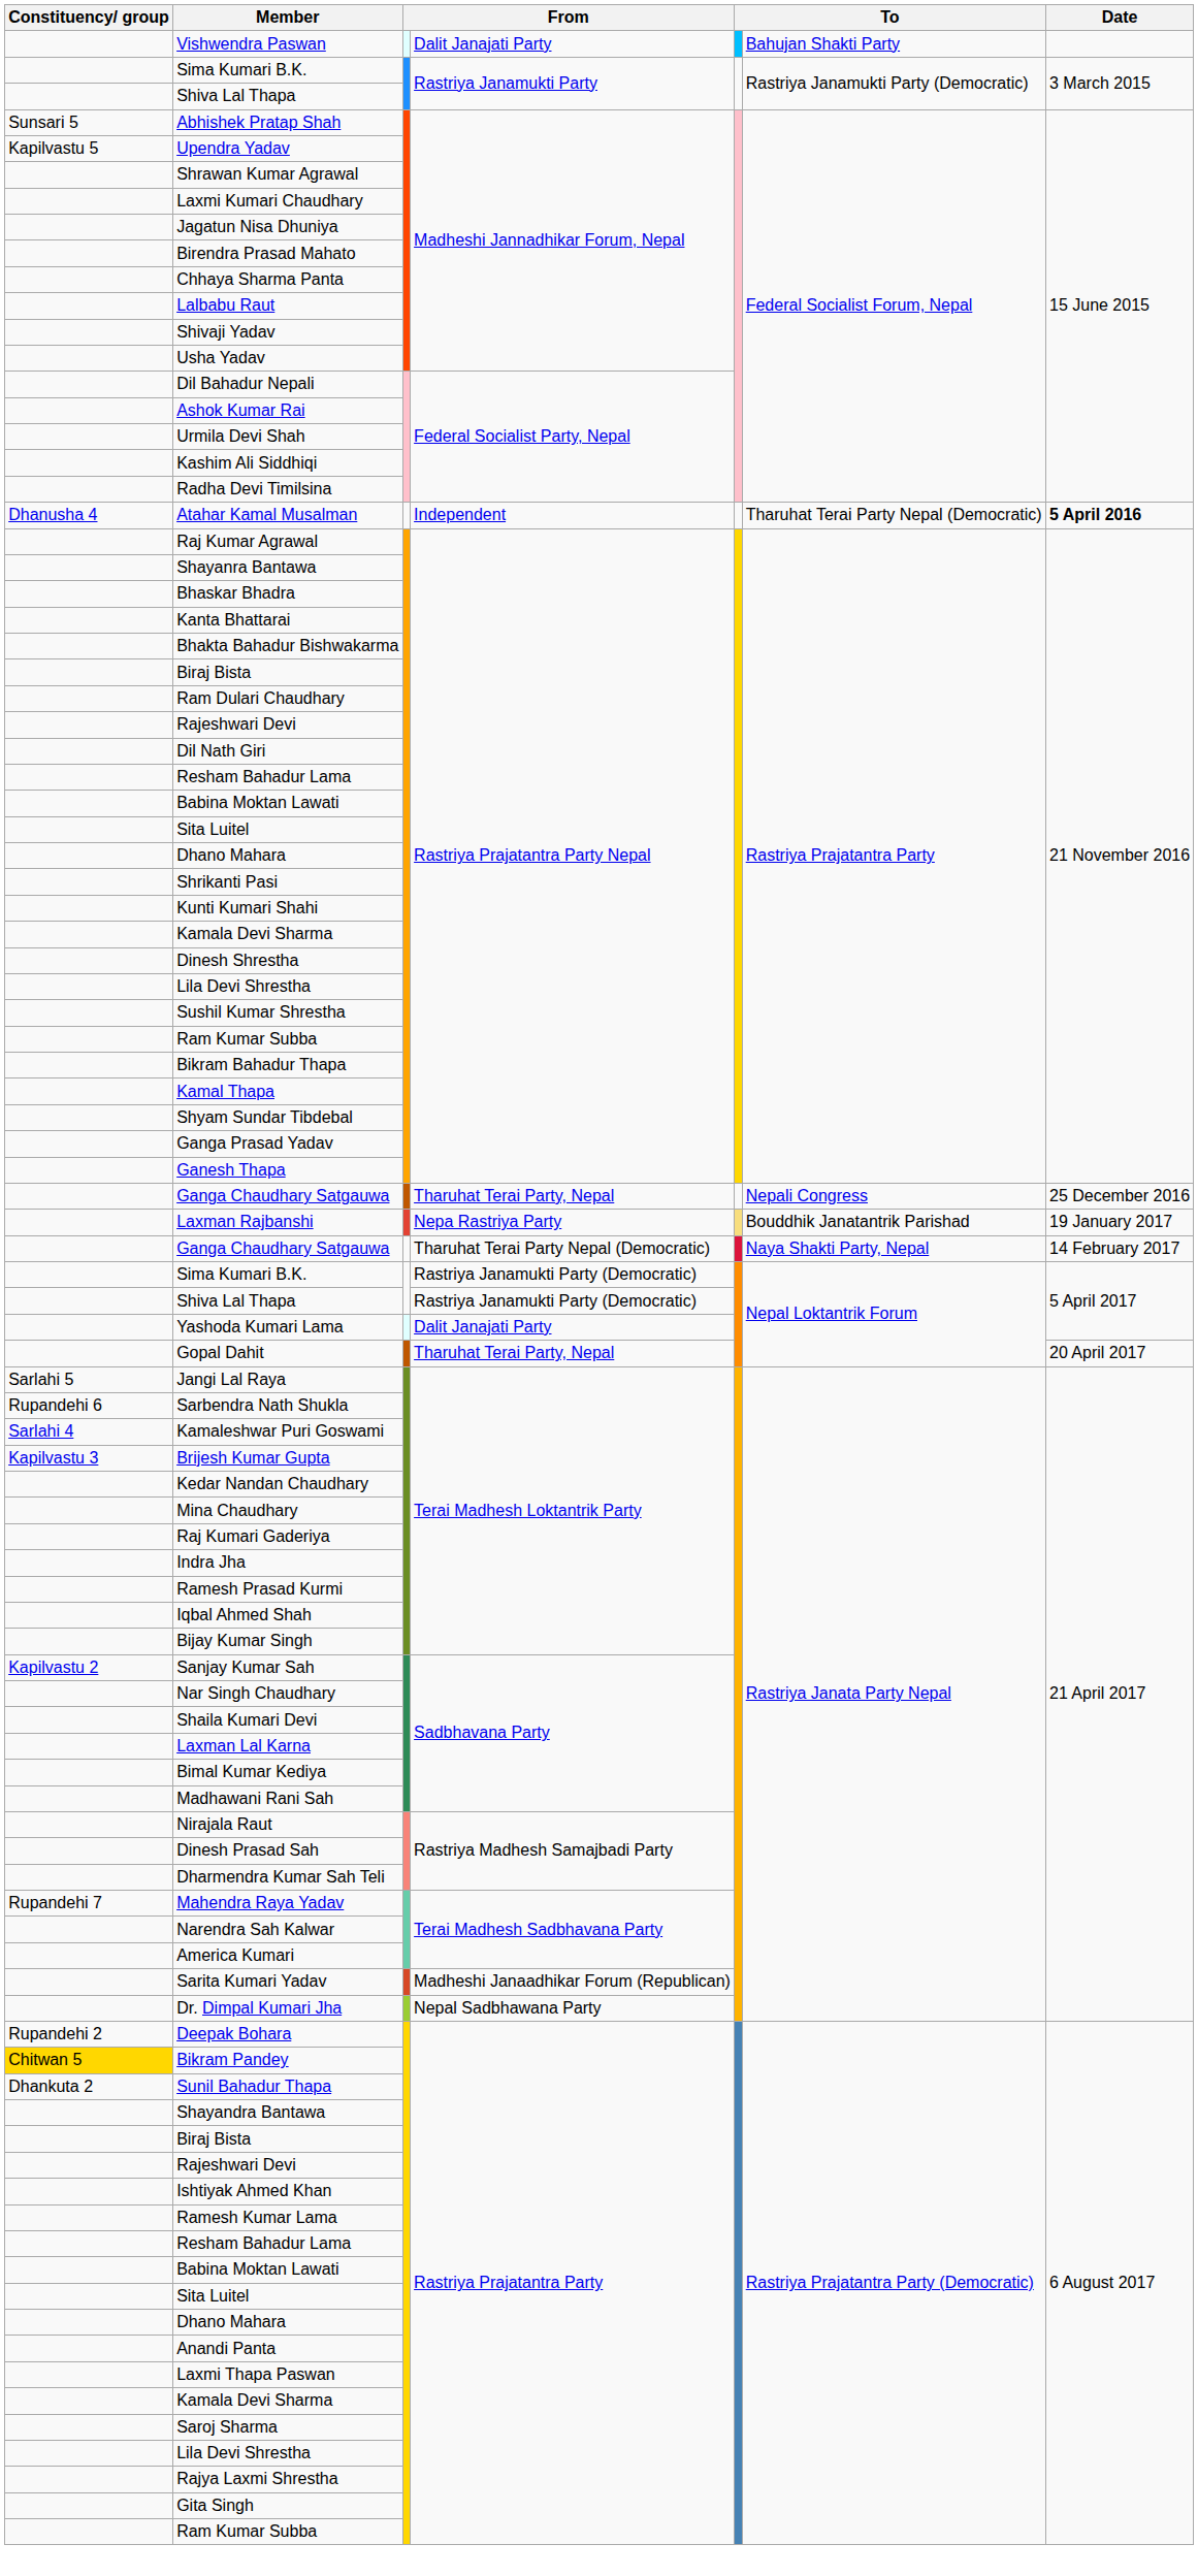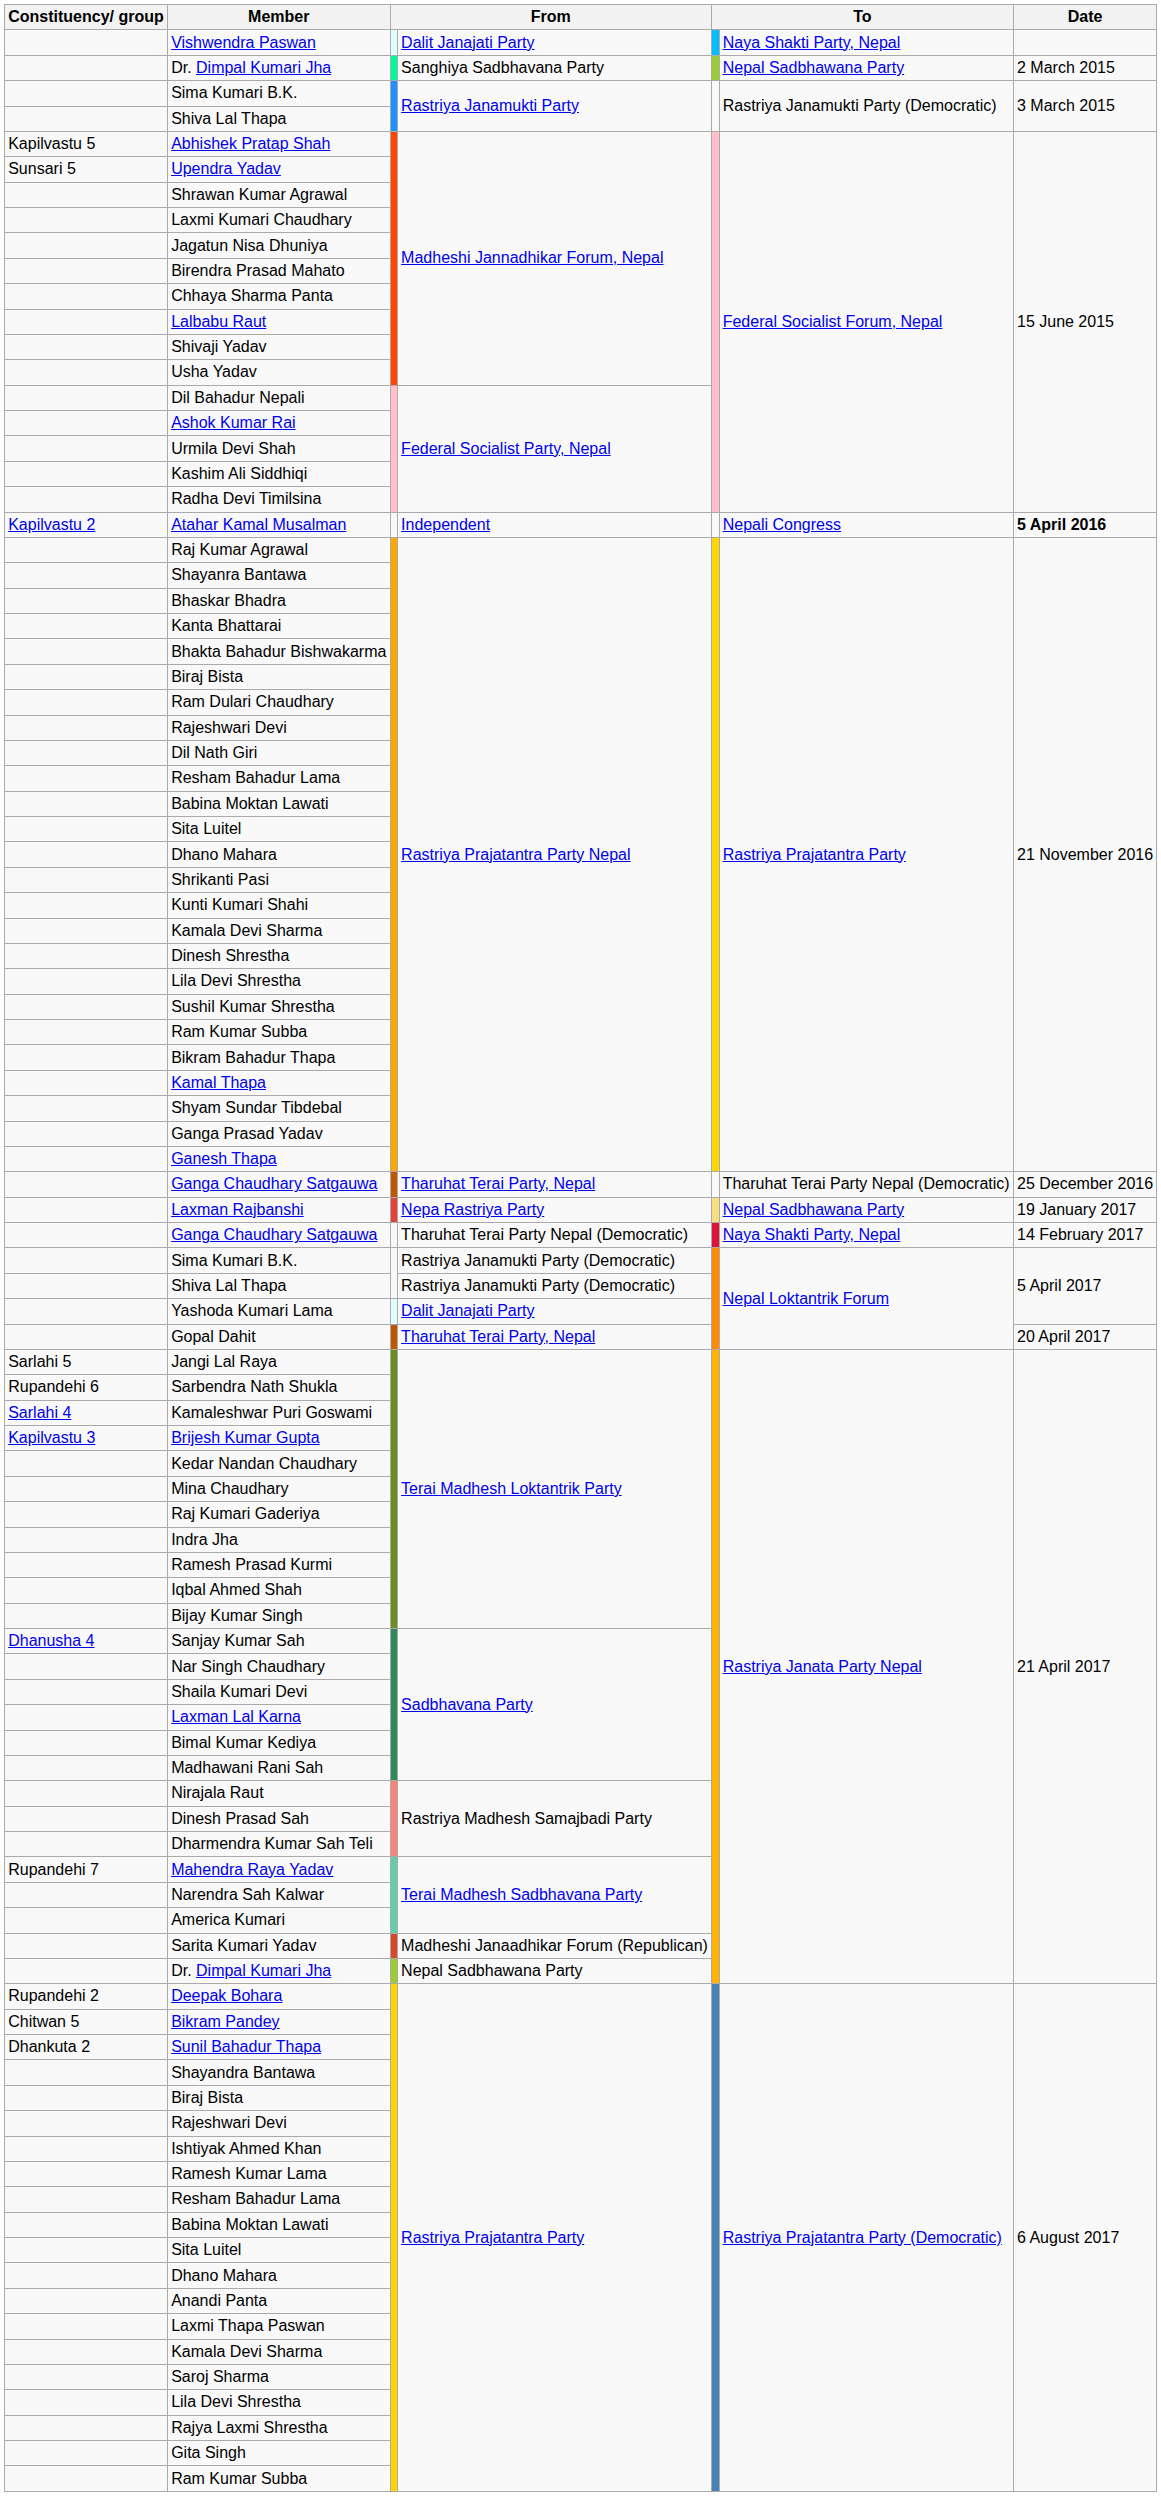 <table class="wikitable">
 <tr>
 <th>Constituency/ group</th>
 <th>Member</th>
 <th colspan="2">From</th>
 <th colspan="2">To</th>
 <th>Date</th>
 </tr>
 <tr>
 <td></td>
 <td><a href='#'>Vishwendra Paswan</a></td>
 <td bgcolor="e0ffff"></td>
 <td><a href='#'>Dalit Janajati Party</a></td>
 <td bgcolor="deepskyblue"></td>
-<td><a href='#'>Bahujan Shakti Party</a></td>
+<td><a href='#'>Naya Shakti Party, Nepal</a></td>
 <td></td>
+</tr>
+<tr>
+<td></td>
+<td>Dr. <a href='#'>Dimpal Kumari Jha</a></td>
+<td bgcolor="mediumspringgreen"></td>
+<td>Sanghiya Sadbhavana Party</td>
+<td bgcolor="yellowgreen"></td>
+<td><a href='#'>Nepal Sadbhawana Party</a></td>
+<td>2 March 2015</td>
 </tr>
 <tr>
 <td></td>
 <td>Sima Kumari B.K.</td>
 <td rowspan="2" bgcolor="dodgerblue"></td>
 <td rowspan="2"><a href='#'>Rastriya Janamukti Party</a></td>
 <td rowspan="2"></td>
 <td rowspan="2">Rastriya Janamukti Party (Democratic)</td>
 <td rowspan="2">3 March 2015</td>
 </tr>
 <tr>
 <td></td>
 <td>Shiva Lal Thapa</td>
 </tr>
 <tr>
-<td>Sunsari 5</td>
+<td>Kapilvastu  5</td>
 <td><a href='#'>Abhishek Pratap Shah</a></td>
 <td rowspan="10" bgcolor="orangered"></td>
 <td rowspan="10"><a href='#'>Madheshi Jannadhikar Forum, Nepal</a></td>
 <td rowspan="15" bgcolor="pink"></td>
 <td rowspan="15"><a href='#'>Federal Socialist Forum, Nepal</a></td>
 <td rowspan="15">15 June 2015</td>
 </tr>
 <tr>
-<td>Kapilvastu  5</td>
+<td>Sunsari 5</td>
 <td><a href='#'>Upendra Yadav</a></td>
 </tr>
 <tr>
 <td></td>
 <td>Shrawan Kumar Agrawal</td>
 </tr>
 <tr>
 <td></td>
 <td>Laxmi Kumari Chaudhary</td>
 </tr>
 <tr>
 <td></td>
 <td>Jagatun Nisa Dhuniya</td>
 </tr>
 <tr>
 <td></td>
 <td>Birendra Prasad Mahato</td>
 </tr>
 <tr>
 <td></td>
 <td>Chhaya Sharma Panta</td>
 </tr>
 <tr>
 <td></td>
 <td><a href='#'>Lalbabu Raut</a></td>
 </tr>
 <tr>
 <td></td>
 <td>Shivaji Yadav</td>
 </tr>
 <tr>
 <td></td>
 <td>Usha Yadav</td>
 </tr>
 <tr>
 <td></td>
 <td>Dil Bahadur Nepali</td>
 <td rowspan="5" bgcolor="pink"></td>
 <td rowspan="5"><a href='#'>Federal Socialist Party, Nepal</a></td>
 </tr>
 <tr>
 <td></td>
 <td><a href='#'>Ashok Kumar Rai</a></td>
 </tr>
 <tr>
 <td></td>
 <td>Urmila Devi Shah</td>
 </tr>
 <tr>
 <td></td>
 <td>Kashim Ali Siddhiqi</td>
 </tr>
 <tr>
 <td></td>
 <td>Radha Devi Timilsina</td>
 </tr>
 <tr>
-<td><a href='#'>Dhanusha 4</a></td>
+<td><a href='#'>Kapilvastu 2</a></td>
 <td><a href='#'>Atahar Kamal Musalman</a></td>
 <td></td>
 <td><a href='#'>Independent</a></td>
 <td></td>
-<td>Tharuhat Terai Party Nepal (Democratic)</td>
+<td><a href='#'>Nepali Congress</a></td>
 <td><strong>5 April 2016</strong></td>
 </tr>
 <tr>
 <td></td>
 <td>Raj Kumar Agrawal</td>
 <td rowspan="25" bgcolor="orange"></td>
 <td rowspan="25"><a href='#'>Rastriya Prajatantra Party Nepal</a></td>
 <td rowspan="25" bgcolor="gold"></td>
 <td rowspan="25"><a href='#'>Rastriya Prajatantra Party</a></td>
 <td rowspan="25">21 November 2016</td>
 </tr>
 <tr>
 <td></td>
 <td>Shayanra Bantawa</td>
 </tr>
 <tr>
 <td></td>
 <td>Bhaskar Bhadra</td>
 </tr>
 <tr>
 <td></td>
 <td>Kanta Bhattarai</td>
 </tr>
 <tr>
 <td></td>
 <td>Bhakta Bahadur Bishwakarma</td>
 </tr>
 <tr>
 <td></td>
 <td>Biraj Bista</td>
 </tr>
 <tr>
 <td></td>
 <td>Ram Dulari Chaudhary</td>
 </tr>
 <tr>
 <td></td>
 <td>Rajeshwari Devi</td>
 </tr>
 <tr>
 <td></td>
 <td>Dil Nath Giri</td>
 </tr>
 <tr>
 <td></td>
 <td>Resham Bahadur Lama</td>
 </tr>
 <tr>
 <td></td>
 <td>Babina Moktan Lawati</td>
 </tr>
 <tr>
 <td></td>
 <td>Sita Luitel</td>
 </tr>
 <tr>
 <td></td>
 <td>Dhano Mahara</td>
 </tr>
 <tr>
 <td></td>
 <td>Shrikanti Pasi</td>
 </tr>
 <tr>
 <td></td>
 <td>Kunti Kumari Shahi</td>
 </tr>
 <tr>
 <td></td>
 <td>Kamala Devi Sharma</td>
 </tr>
 <tr>
 <td></td>
 <td>Dinesh Shrestha</td>
 </tr>
 <tr>
 <td></td>
 <td>Lila Devi Shrestha</td>
 </tr>
 <tr>
 <td></td>
 <td>Sushil Kumar Shrestha</td>
 </tr>
 <tr>
 <td></td>
 <td>Ram Kumar Subba</td>
 </tr>
 <tr>
 <td></td>
 <td>Bikram Bahadur Thapa</td>
 </tr>
 <tr>
 <td></td>
 <td><a href='#'>Kamal Thapa</a></td>
 </tr>
 <tr>
 <td></td>
 <td>Shyam Sundar Tibdebal</td>
 </tr>
 <tr>
 <td></td>
 <td>Ganga Prasad Yadav</td>
 </tr>
 <tr>
 <td></td>
 <td><a href='#'>Ganesh Thapa</a></td>
 </tr>
 <tr>
 <td></td>
 <td><a href='#'>Ganga Chaudhary Satgauwa</a></td>
 <td bgcolor="BF5700"></td>
 <td><a href='#'>Tharuhat Terai Party, Nepal</a></td>
 <td></td>
-<td><a href='#'>Nepali Congress</a></td>
+<td>Tharuhat Terai Party Nepal (Democratic)</td>
 <td>25 December 2016</td>
 </tr>
 <tr>
 <td></td>
 <td><a href='#'>Laxman Rajbanshi</a></td>
 <td bgcolor="e34234"></td>
 <td><a href='#'>Nepa Rastriya Party</a></td>
 <td bgcolor="F8DE7E"></td>
-<td>Bouddhik Janatantrik Parishad</td>
+<td><a href='#'>Nepal Sadbhawana Party</a></td>
 <td>19 January 2017</td>
 </tr>
 <tr>
 <td></td>
 <td><a href='#'>Ganga Chaudhary Satgauwa</a></td>
 <td></td>
 <td>Tharuhat Terai Party Nepal (Democratic)</td>
 <td bgcolor="crimson"></td>
 <td><a href='#'>Naya Shakti Party, Nepal</a></td>
 <td>14 February 2017</td>
 </tr>
 <tr>
 <td></td>
 <td>Sima Kumari B.K.</td>
 <td rowspan="2"></td>
 <td>Rastriya Janamukti Party (Democratic)</td>
 <td rowspan="4"  bgcolor="darkorange"></td>
 <td rowspan="4"><a href='#'>Nepal Loktantrik Forum</a></td>
 <td rowspan="3">5 April 2017</td>
 </tr>
 <tr>
 <td></td>
 <td>Shiva Lal Thapa</td>
 <td>Rastriya Janamukti Party (Democratic)</td>
 </tr>
 <tr>
 <td></td>
 <td>Yashoda Kumari Lama</td>
 <td bgcolor="e0ffff"></td>
 <td><a href='#'>Dalit Janajati Party</a></td>
 </tr>
 <tr>
 <td></td>
 <td>Gopal Dahit</td>
 <td bgcolor="BF5700"></td>
 <td><a href='#'>Tharuhat Terai Party, Nepal</a></td>
 <td>20 April 2017</td>
 </tr>
 <tr>
 <td>Sarlahi 5</td>
 <td>Jangi Lal Raya</td>
 <td rowspan="11" bgcolor="olivedrab"></td>
 <td rowspan="11"><a href='#'>Terai Madhesh Loktantrik Party</a></td>
 <td rowspan="25" bgcolor="ffb300"></td>
 <td rowspan="25"><a href='#'>Rastriya Janata Party Nepal</a></td>
 <td rowspan="25">21 April 2017</td>
 </tr>
 <tr>
 <td>Rupandehi 6</td>
 <td>Sarbendra Nath Shukla</td>
 </tr>
 <tr>
 <td><a href='#'>Sarlahi 4</a></td>
 <td>Kamaleshwar Puri Goswami</td>
 </tr>
 <tr>
 <td><a href='#'>Kapilvastu 3</a></td>
 <td><a href='#'>Brijesh Kumar Gupta</a></td>
 </tr>
 <tr>
 <td></td>
 <td>Kedar Nandan  Chaudhary</td>
 </tr>
 <tr>
 <td></td>
 <td>Mina Chaudhary</td>
 </tr>
 <tr>
 <td></td>
 <td>Raj Kumari Gaderiya</td>
 </tr>
 <tr>
 <td></td>
 <td>Indra Jha</td>
 </tr>
 <tr>
 <td></td>
 <td>Ramesh Prasad Kurmi</td>
 </tr>
 <tr>
 <td></td>
 <td>Iqbal Ahmed Shah</td>
 </tr>
 <tr>
 <td></td>
 <td>Bijay Kumar Singh</td>
 </tr>
 <tr>
-<td><a href='#'>Kapilvastu 2</a></td>
+<td><a href='#'>Dhanusha 4</a></td>
 <td>Sanjay Kumar Sah</td>
 <td rowspan="6" bgcolor="seagreen"></td>
 <td rowspan="6"><a href='#'>Sadbhavana Party</a></td>
 </tr>
 <tr>
 <td></td>
 <td>Nar Singh Chaudhary</td>
 </tr>
 <tr>
 <td></td>
 <td>Shaila Kumari Devi</td>
 </tr>
 <tr>
 <td></td>
 <td><a href='#'>Laxman Lal Karna</a></td>
 </tr>
 <tr>
 <td></td>
 <td>Bimal Kumar Kediya</td>
 </tr>
 <tr>
 <td></td>
 <td>Madhawani Rani Sah</td>
 </tr>
 <tr>
 <td></td>
 <td>Nirajala Raut</td>
 <td rowspan="3" bgcolor="F88379"></td>
 <td rowspan="3">Rastriya Madhesh Samajbadi Party</td>
 </tr>
 <tr>
 <td></td>
 <td>Dinesh Prasad Sah</td>
 </tr>
 <tr>
 <td></td>
 <td>Dharmendra Kumar Sah Teli</td>
 </tr>
 <tr>
 <td>Rupandehi  7</td>
 <td><a href='#'>Mahendra Raya Yadav</a></td>
 <td rowspan="3" bgcolor="mediumaquamarine"></td>
 <td rowspan="3"><a href='#'>Terai Madhesh Sadbhavana Party</a></td>
 </tr>
 <tr>
 <td></td>
 <td>Narendra Sah Kalwar</td>
 </tr>
 <tr>
 <td></td>
 <td>America Kumari</td>
 </tr>
 <tr>
 <td></td>
 <td>Sarita Kumari Yadav</td>
 <td bgcolor="D74826"></td>
 <td>Madheshi Janaadhikar Forum (Republican)</td>
 </tr>
 <tr>
 <td></td>
 <td>Dr. <a href='#'>Dimpal Kumari Jha</a></td>
 <td bgcolor="yellowgreen"></td>
 <td>Nepal Sadbhawana Party</td>
 </tr>
 <tr>
 <td>Rupandehi 2</td>
 <td><a href='#'>Deepak Bohara</a></td>
 <td rowspan="20" bgcolor="gold"></td>
 <td rowspan="20"><a href='#'>Rastriya Prajatantra Party</a></td>
 <td rowspan="20" bgcolor="steelblue"></td>
 <td rowspan="20"><a href='#'>Rastriya Prajatantra Party (Democratic)</a></td>
 <td rowspan="20">6 August 2017</td>
 </tr>
 <tr>
-<td style="background: gold;">Chitwan 5</td>
+<td>Chitwan 5</td>
 <td><a href='#'>Bikram Pandey</a></td>
 </tr>
 <tr>
 <td>Dhankuta 2</td>
 <td><a href='#'>Sunil Bahadur Thapa</a></td>
 </tr>
 <tr>
 <td></td>
 <td>Shayandra Bantawa</td>
 </tr>
 <tr>
 <td></td>
 <td>Biraj Bista</td>
 </tr>
 <tr>
 <td></td>
 <td>Rajeshwari Devi</td>
 </tr>
 <tr>
 <td></td>
 <td>Ishtiyak Ahmed Khan</td>
 </tr>
 <tr>
 <td></td>
 <td>Ramesh Kumar Lama</td>
 </tr>
 <tr>
 <td></td>
 <td>Resham Bahadur Lama</td>
 </tr>
 <tr>
 <td></td>
 <td>Babina Moktan Lawati</td>
 </tr>
 <tr>
 <td></td>
 <td>Sita Luitel</td>
 </tr>
 <tr>
 <td></td>
 <td>Dhano Mahara</td>
 </tr>
 <tr>
 <td></td>
 <td>Anandi Panta</td>
 </tr>
 <tr>
 <td></td>
 <td>Laxmi Thapa Paswan</td>
 </tr>
 <tr>
 <td></td>
 <td>Kamala Devi Sharma</td>
 </tr>
 <tr>
 <td></td>
 <td>Saroj Sharma</td>
 </tr>
 <tr>
 <td></td>
 <td>Lila Devi Shrestha</td>
 </tr>
 <tr>
 <td></td>
 <td>Rajya Laxmi Shrestha</td>
 </tr>
 <tr>
 <td></td>
 <td>Gita Singh</td>
 </tr>
 <tr>
 <td></td>
 <td>Ram Kumar Subba</td>
 </tr>
 </table>
